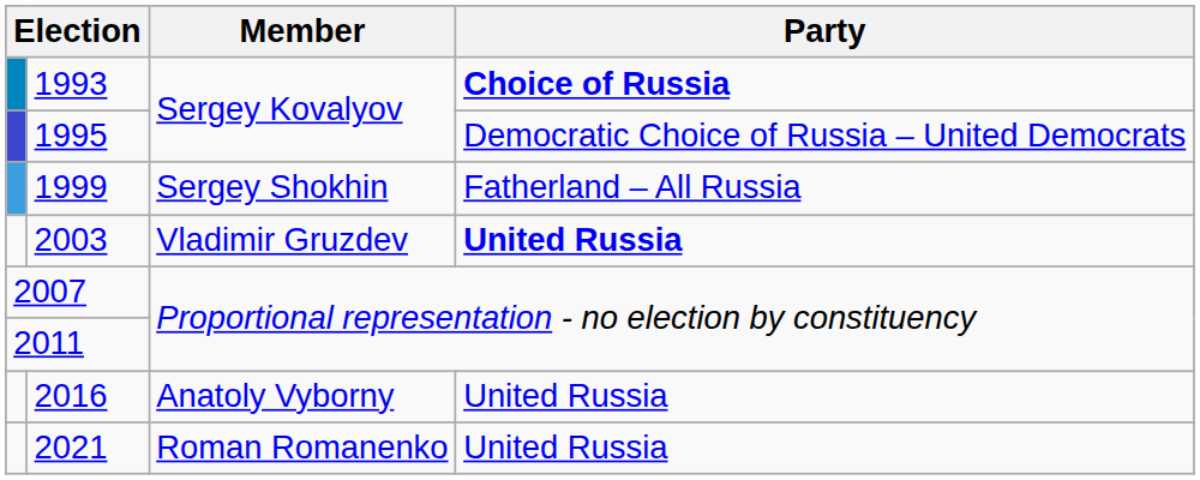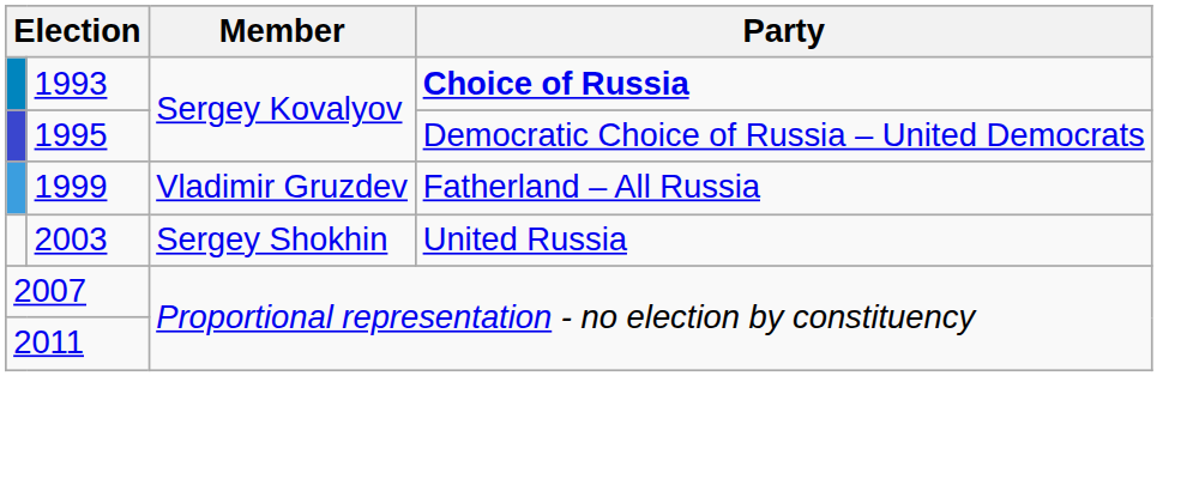 <table class="wikitable">
 <tr>
 <th colspan="2">Election</th>
 <th>Member</th>
 <th>Party</th>
 </tr>
 <tr>
 <td style="background-color:#0085BE"></td>
 <td><a href='#'>1993</a></td>
 <td rowspan=2><a href='#'>Sergey Kovalyov</a></td>
 <td><strong><a href='#'>Choice of Russia</a></strong></td>
 </tr>
 <tr>
 <td style="background-color:#3A46CE"></td>
 <td><a href='#'>1995</a></td>
 <td><a href='#'>Democratic Choice of Russia – United Democrats</a></td>
 </tr>
 <tr>
 <td style="background-color:#3B9EDF"></td>
 <td><a href='#'>1999</a></td>
-<td><a href='#'>Sergey Shokhin</a></td>
+<td><a href='#'>Vladimir Gruzdev</a></td>
 <td><a href='#'>Fatherland – All Russia</a></td>
 </tr>
 <tr>
 <td style="background-color:"></td>
 <td><a href='#'>2003</a></td>
-<td><a href='#'>Vladimir Gruzdev</a></td>
-<td><strong><a href='#'>United Russia</a></strong></td>
+<td><a href='#'>Sergey Shokhin</a></td>
+<td><a href='#'>United Russia</a></td>
 </tr>
 <tr>
 <td colspan=2><a href='#'>2007</a></td>
 <td colspan=2 rowspan=2><em><a href='#'>Proportional representation</a> - no election by constituency</em></td>
 </tr>
 <tr>
 <td colspan=2><a href='#'>2011</a></td>
 </tr>
-<tr>
-<td style="background-color:"></td>
-<td><a href='#'>2016</a></td>
-<td><a href='#'>Anatoly Vyborny</a></td>
-<td><a href='#'>United Russia</a></td>
-</tr>
-<tr>
-<td style="background-color:"></td>
-<td><a href='#'>2021</a></td>
-<td><a href='#'>Roman Romanenko</a></td>
-<td><a href='#'>United Russia</a></td>
-</tr>
 </table>
